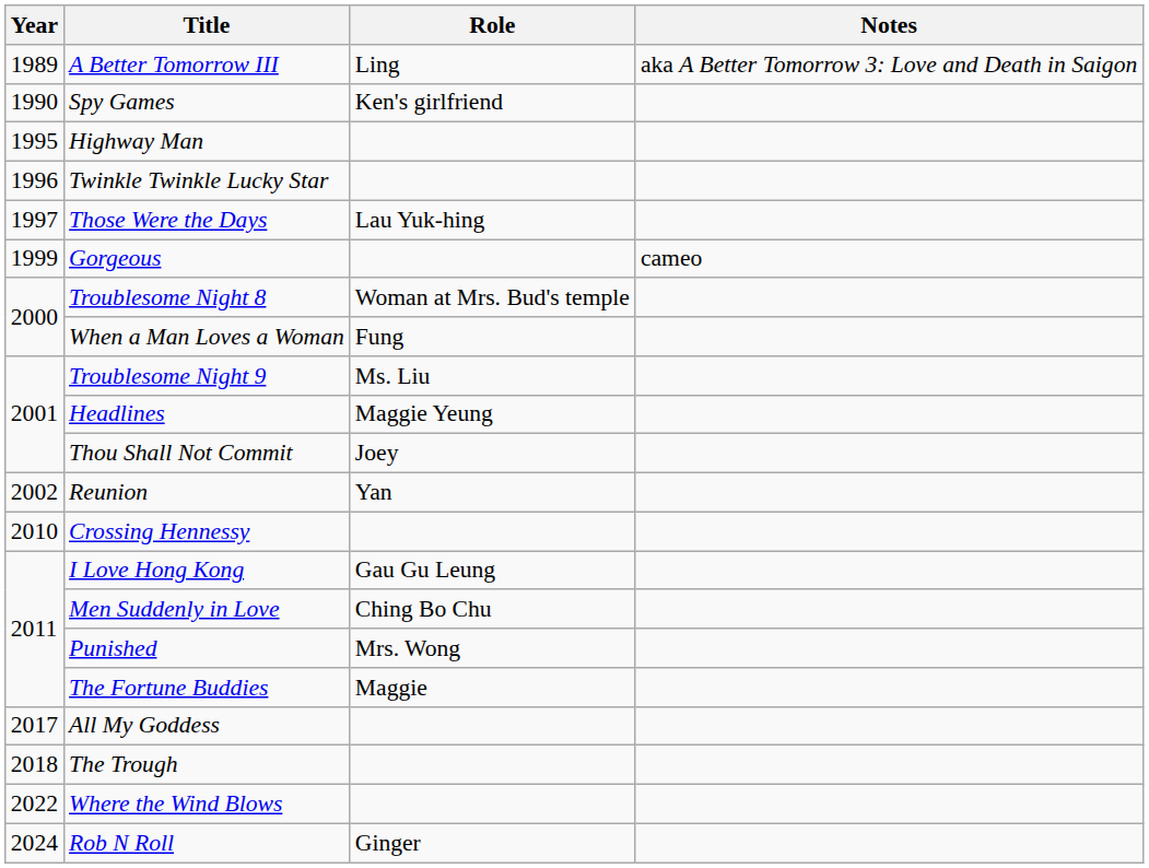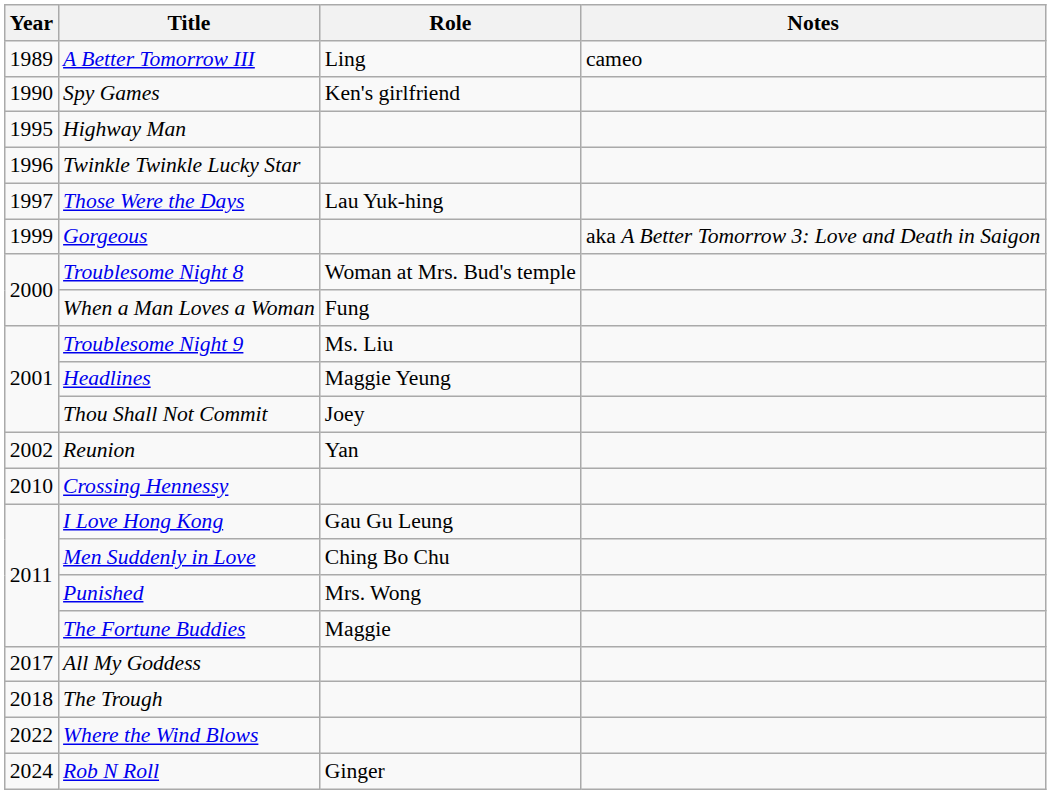 <table class="wikitable" style="font-size: 90%;">
 <tr>
 <th>Year</th>
 <th>Title</th>
 <th>Role</th>
 <th>Notes</th>
 </tr>
 <tr>
 <td>1989</td>
 <td><em><a href='#'>A Better Tomorrow III</a></em></td>
 <td>Ling</td>
-<td>aka <em>A Better Tomorrow 3: Love and Death in Saigon</em></td>
+<td>cameo</td>
 </tr>
 <tr>
 <td>1990</td>
 <td><em>Spy Games</em></td>
 <td>Ken's girlfriend</td>
 <td></td>
 </tr>
 <tr>
 <td>1995</td>
 <td><em>Highway Man</em></td>
 <td></td>
 <td></td>
 </tr>
 <tr>
 <td>1996</td>
 <td><em>Twinkle Twinkle Lucky Star</em></td>
 <td></td>
 <td></td>
 </tr>
 <tr>
 <td>1997</td>
 <td><em><a href='#'>Those Were the Days</a></em></td>
 <td>Lau Yuk-hing</td>
 <td></td>
 </tr>
 <tr>
 <td>1999</td>
 <td><em><a href='#'>Gorgeous</a></em></td>
 <td></td>
-<td>cameo</td>
+<td>aka <em>A Better Tomorrow 3: Love and Death in Saigon</em></td>
 </tr>
 <tr>
 <td rowspan="2">2000</td>
 <td><em><a href='#'>Troublesome Night 8</a></em></td>
 <td>Woman at Mrs. Bud's temple</td>
 <td></td>
 </tr>
 <tr>
 <td><em>When a Man Loves a Woman</em></td>
 <td>Fung</td>
 <td></td>
 </tr>
 <tr>
 <td rowspan="3">2001</td>
 <td><em><a href='#'>Troublesome Night 9</a></em></td>
 <td>Ms. Liu</td>
 <td></td>
 </tr>
 <tr>
 <td><em><a href='#'>Headlines</a></em></td>
 <td>Maggie Yeung</td>
 <td></td>
 </tr>
 <tr>
 <td><em>Thou Shall Not Commit</em></td>
 <td>Joey</td>
 <td></td>
 </tr>
 <tr>
 <td>2002</td>
 <td><em>Reunion</em></td>
 <td>Yan</td>
 <td></td>
 </tr>
 <tr>
 <td>2010</td>
 <td><em><a href='#'>Crossing Hennessy</a></em></td>
 <td></td>
 <td></td>
 </tr>
 <tr>
 <td rowspan=4>2011</td>
 <td><em><a href='#'>I Love Hong Kong</a></em></td>
 <td>Gau Gu Leung</td>
 <td></td>
 </tr>
 <tr>
 <td><em><a href='#'>Men Suddenly in Love</a></em></td>
 <td>Ching Bo Chu</td>
 <td></td>
 </tr>
 <tr>
 <td><em><a href='#'>Punished</a></em></td>
 <td>Mrs. Wong</td>
 <td></td>
 </tr>
 <tr>
 <td><em><a href='#'>The Fortune Buddies</a></em></td>
 <td>Maggie</td>
 <td></td>
 </tr>
 <tr>
 <td>2017</td>
 <td><em>All My Goddess</em></td>
 <td></td>
 <td></td>
 </tr>
 <tr>
 <td>2018</td>
 <td><em>The Trough</em></td>
 <td></td>
 <td></td>
 </tr>
 <tr>
 <td>2022</td>
 <td><em><a href='#'>Where the Wind Blows</a></em></td>
 <td></td>
 <td></td>
 </tr>
 <tr>
 <td>2024</td>
 <td><em><a href='#'>Rob N Roll</a></em></td>
 <td>Ginger</td>
 <td></td>
 </tr>
 </table>
